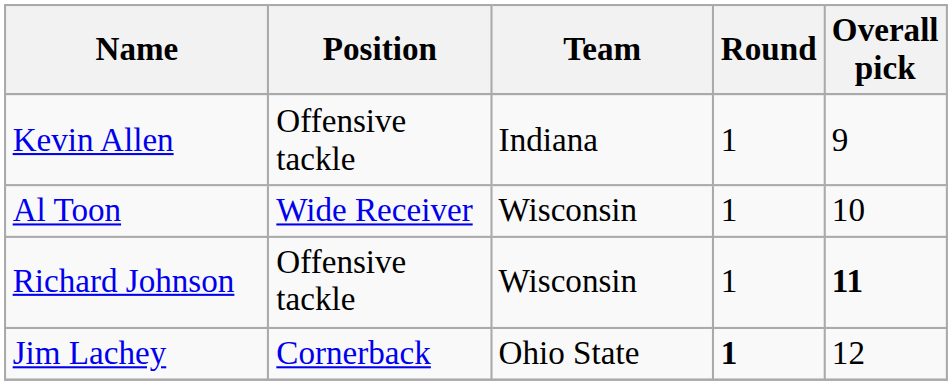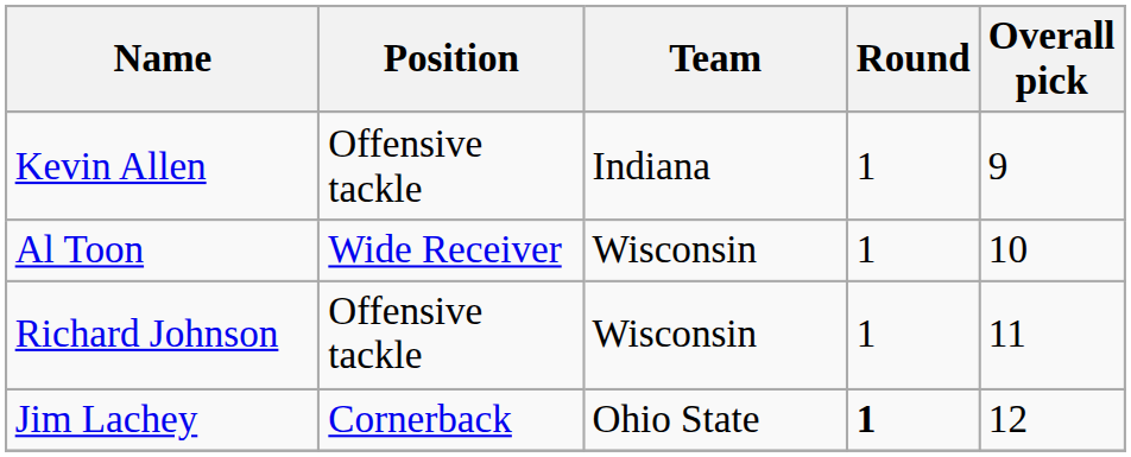 <table class="sortable wikitable">
 <tr>
 <th width="120">Name</th>
 <th width="100">Position</th>
 <th width="100">Team</th>
 <th width="25">Round</th>
 <th width="25">Overall pick</th>
 </tr>
 <tr align="left" bgcolor="">
 </tr>
 <tr>
 <td><a href='#'>Kevin Allen</a></td>
 <td>Offensive tackle</td>
 <td>Indiana</td>
 <td>1</td>
 <td>9</td>
 </tr>
 <tr>
 <td><a href='#'>Al Toon</a></td>
 <td><a href='#'>Wide Receiver</a></td>
 <td>Wisconsin</td>
 <td>1</td>
 <td>10</td>
 </tr>
 <tr>
 <td><a href='#'>Richard Johnson</a></td>
 <td>Offensive tackle</td>
 <td>Wisconsin</td>
 <td>1</td>
-<td><strong>11</strong></td>
+<td>11</td>
 </tr>
 <tr>
 <td><a href='#'>Jim Lachey</a></td>
 <td><a href='#'>Cornerback</a></td>
 <td>Ohio State</td>
 <td><strong>1</strong></td>
 <td>12</td>
 </tr>
 <tr>
 </tr>
 </table>
